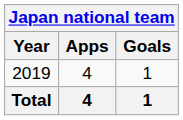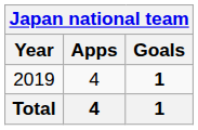 <table class="wikitable" style="text-align:center">
 <tr>
 <th colspan=3><a href='#'>Japan national team</a></th>
 </tr>
 <tr>
 <th>Year</th>
 <th>Apps</th>
 <th>Goals</th>
 </tr>
 <tr>
 <td>2019</td>
 <td>4</td>
-<td>1</td>
+<td><strong>1</strong></td>
 </tr>
 <tr>
 <th>Total</th>
 <th>4</th>
 <th>1</th>
 </tr>
 </table>
